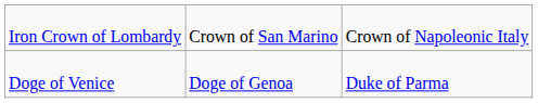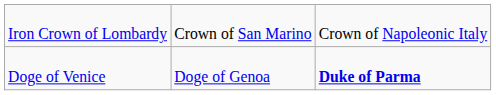 <table class="wikitable">
 <tr>
 <td><br><a href='#'>Iron Crown of Lombardy</a></td>
 <td><br>Crown of <a href='#'>San Marino</a></td>
 <td><br>Crown of <a href='#'>Napoleonic Italy</a></td>
 </tr>
 <tr>
 <td><br><a href='#'>Doge of Venice</a></td>
 <td><br><a href='#'>Doge of Genoa</a></td>
-<td><br><a href='#'>Duke of Parma</a></td>
+<td><strong><br><a href='#'>Duke of Parma</a></strong></td>
 </tr>
 </table>
